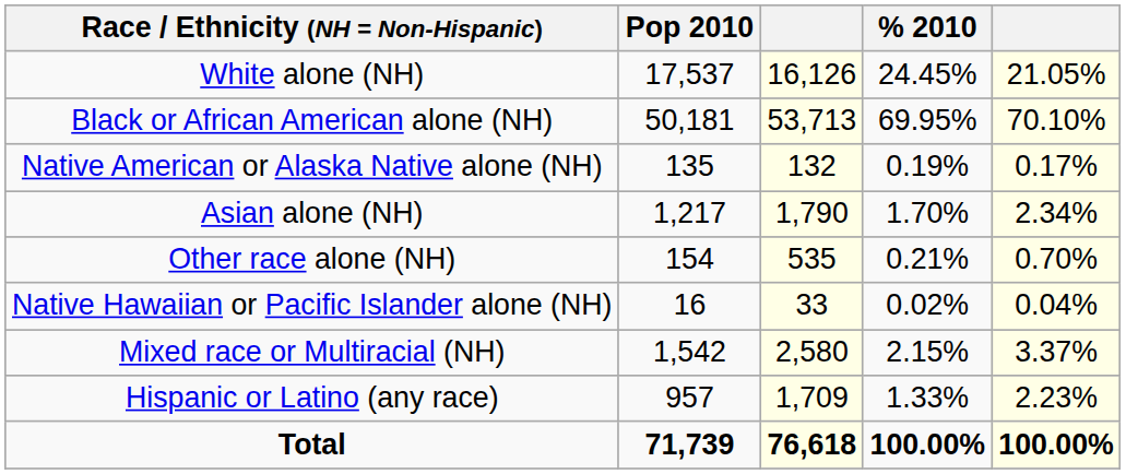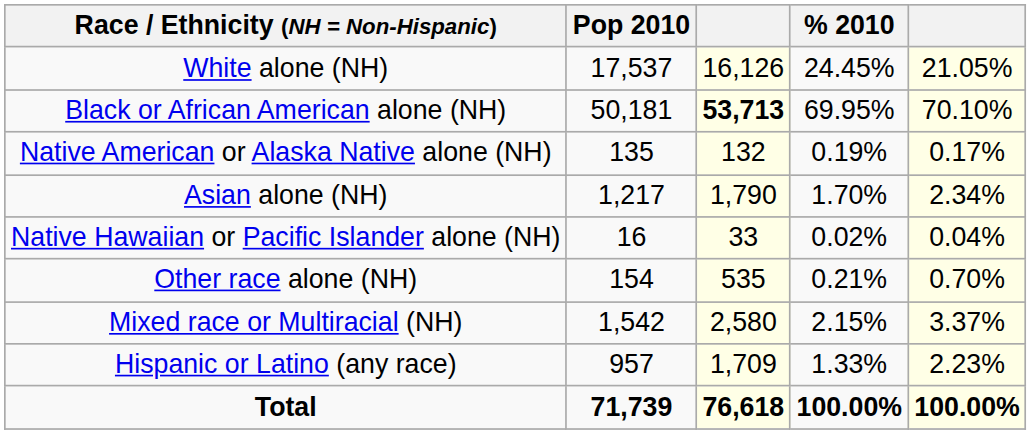 <table class="wikitable" style="text-align:center;">
 <tr>
 <th>Race / Ethnicity <small>(<em>NH = Non-Hispanic</em>)</small></th>
 <th>Pop 2010</th>
 <th></th>
 <th>% 2010</th>
 <th></th>
 </tr>
 <tr>
 <td><a href='#'>White</a> alone (NH)</td>
 <td>17,537</td>
 <td style='background: #ffffe6;'>16,126</td>
 <td>24.45%</td>
 <td style='background: #ffffe6;'>21.05%</td>
 </tr>
 <tr>
 <td><a href='#'>Black or African American</a> alone (NH)</td>
 <td>50,181</td>
-<td style='background: #ffffe6;'>53,713</td>
+<td style='background: #ffffe6;'><strong>53,713</strong></td>
 <td>69.95%</td>
 <td style='background: #ffffe6;'>70.10%</td>
 </tr>
 <tr>
 <td><a href='#'>Native American</a> or <a href='#'>Alaska Native</a> alone (NH)</td>
 <td>135</td>
 <td style='background: #ffffe6;'>132</td>
 <td>0.19%</td>
 <td style='background: #ffffe6;'>0.17%</td>
 </tr>
 <tr>
 <td><a href='#'>Asian</a> alone (NH)</td>
 <td>1,217</td>
 <td style='background: #ffffe6;'>1,790</td>
 <td>1.70%</td>
 <td style='background: #ffffe6;'>2.34%</td>
 </tr>
 <tr>
+<td><a href='#'>Native Hawaiian</a> or <a href='#'>Pacific Islander</a> alone (NH)</td>
+<td>16</td>
+<td style='background: #ffffe6;'>33</td>
+<td>0.02%</td>
+<td style='background: #ffffe6;'>0.04%</td>
+</tr>
+<tr>
 <td><a href='#'>Other race</a> alone (NH)</td>
 <td>154</td>
 <td style='background: #ffffe6;'>535</td>
 <td>0.21%</td>
 <td style='background: #ffffe6;'>0.70%</td>
-</tr>
-<tr>
-<td><a href='#'>Native Hawaiian</a> or <a href='#'>Pacific Islander</a> alone (NH)</td>
-<td>16</td>
-<td style='background: #ffffe6;'>33</td>
-<td>0.02%</td>
-<td style='background: #ffffe6;'>0.04%</td>
 </tr>
 <tr>
 <td><a href='#'>Mixed race or Multiracial</a> (NH)</td>
 <td>1,542</td>
 <td style='background: #ffffe6;'>2,580</td>
 <td>2.15%</td>
 <td style='background: #ffffe6;'>3.37%</td>
 </tr>
 <tr>
 <td><a href='#'>Hispanic or Latino</a> (any race)</td>
 <td>957</td>
 <td style='background: #ffffe6;'>1,709</td>
 <td>1.33%</td>
 <td style='background: #ffffe6;'>2.23%</td>
 </tr>
 <tr>
 <td><strong>Total</strong></td>
 <td><strong>71,739</strong></td>
 <td style='background: #ffffe6;'><strong>76,618</strong></td>
 <td><strong>100.00%</strong></td>
 <td style='background: #ffffe6;'><strong>100.00%</strong></td>
 </tr>
 </table>
